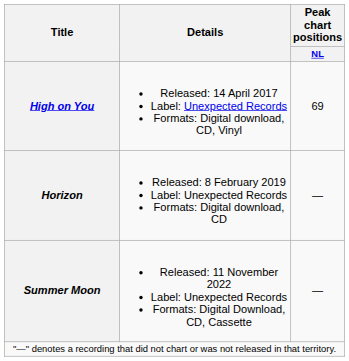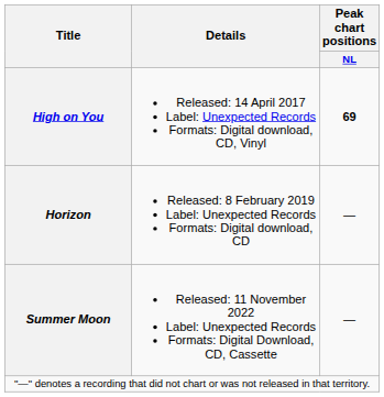 <table class="wikitable plainrowheaders" style="text-align:center;">
 <tr>
 <th scope="col" rowspan="2" style="width:10em;">Title</th>
 <th scope="col" rowspan="2" style="width:15em;">Details</th>
 <th scope="col" colspan="1">Peak chart positions</th>
 </tr>
 <tr>
 <th scope="col" style="width:3em;font-size:85%;"><a href='#'>NL</a><br></th>
 </tr>
 <tr>
 <th scope="row"><em><a href='#'>High on You</a></em></th>
 <td><br><ul><li>Released: 14 April 2017</li><li>Label: <a href='#'>Unexpected Records</a></li><li>Formats: Digital download, CD, Vinyl</li></ul></td>
-<td>69</td>
+<td><strong>69</strong></td>
 </tr>
 <tr>
 <th scope="row"><em>Horizon</em></th>
 <td><br><ul><li>Released: 8 February 2019</li><li>Label: Unexpected Records</li><li>Formats: Digital download, CD</li></ul></td>
 <td>—</td>
 </tr>
 <tr>
 <th scope="row"><em>Summer Moon</em></th>
 <td><br><ul><li>Released: 11 November 2022</li><li>Label: Unexpected Records</li><li>Formats: Digital Download, CD, Cassette</li></ul></td>
 <td>—</td>
 </tr>
 <tr>
 <td colspan="20" style="font-size:85%">"—" denotes a recording that did not chart or was not released in that territory.</td>
 </tr>
 </table>
